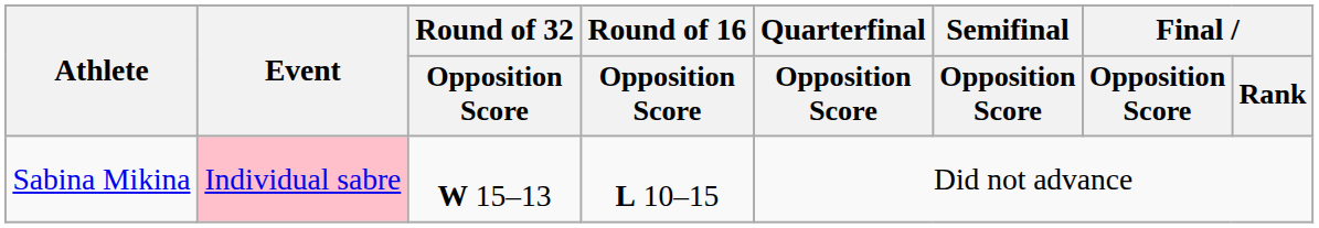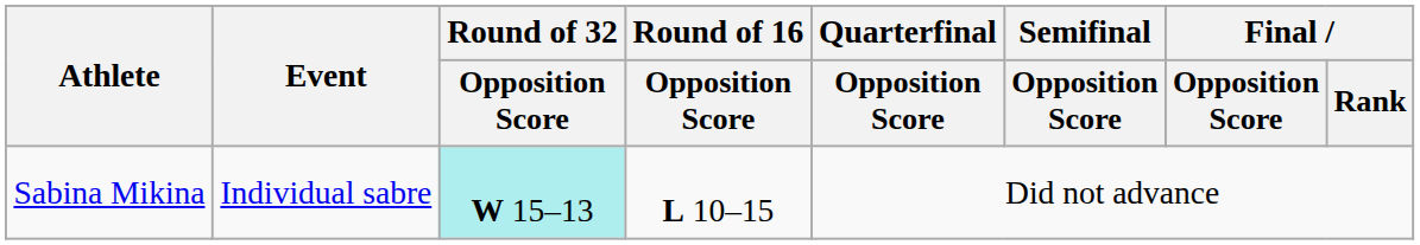 <table class="wikitable" style="font-size:90%">
 <tr>
 <th rowspan="2">Athlete</th>
 <th rowspan="2">Event</th>
 <th>Round of 32</th>
 <th>Round of 16</th>
 <th>Quarterfinal</th>
 <th>Semifinal</th>
 <th colspan=2>Final / </th>
 </tr>
 <tr style="font-size:95%">
 <th>Opposition <br> Score</th>
 <th>Opposition <br> Score</th>
 <th>Opposition <br> Score</th>
 <th>Opposition <br> Score</th>
 <th>Opposition <br> Score</th>
 <th>Rank</th>
 </tr>
 <tr align=center>
 <td align=left><a href='#'>Sabina Mikina</a></td>
-<td align=left style="background: pink;"><a href='#'>Individual sabre</a></td>
-<td><br><strong>W</strong> 15–13</td>
+<td align=left><a href='#'>Individual sabre</a></td>
+<td style="background: paleturquoise;"><br><strong>W</strong> 15–13</td>
 <td><br><strong>L</strong> 10–15</td>
 <td colspan=4>Did not advance</td>
 </tr>
 </table>
